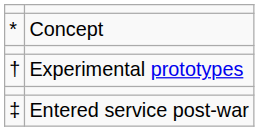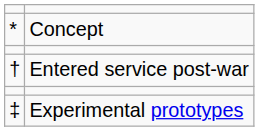 <table class="wikitable">
 <tr>
 <td></td>
 <td></td>
 </tr>
 <tr>
 <td>*</td>
 <td>Concept</td>
 </tr>
 <tr>
 <td></td>
 <td></td>
 </tr>
 <tr>
 <td>†</td>
-<td>Experimental <a href='#'>prototypes</a></td>
+<td>Entered service post-war</td>
 </tr>
 <tr>
 <td></td>
 <td></td>
 </tr>
 <tr>
 <td>‡</td>
-<td>Entered service post-war</td>
+<td>Experimental <a href='#'>prototypes</a></td>
 </tr>
 </table>
